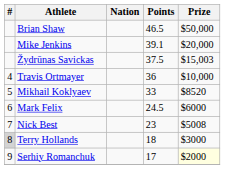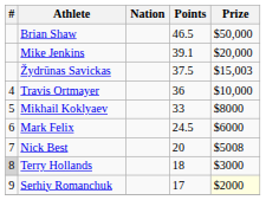 <table class="wikitable" style="display: inline-table;width: 55%;">
 <tr>
 <th scope="col">#</th>
 <th scope="col">Athlete</th>
 <th scope="col">Nation</th>
 <th scope="col">Points</th>
 <th scope="col">Prize</th>
 </tr>
 <tr>
 <td align="center"></td>
 <td><a href='#'>Brian Shaw</a></td>
 <td></td>
 <td>46.5</td>
 <td>$50,000</td>
 </tr>
 <tr>
 <td align="center"></td>
 <td><a href='#'>Mike Jenkins</a></td>
 <td></td>
 <td>39.1</td>
 <td>$20,000</td>
 </tr>
 <tr>
 <td align="center"></td>
 <td><a href='#'>Žydrūnas Savickas</a></td>
 <td></td>
 <td>37.5</td>
 <td>$15,003</td>
 </tr>
 <tr>
 <td align="center">4</td>
 <td><a href='#'>Travis Ortmayer</a></td>
 <td></td>
 <td>36</td>
 <td>$10,000</td>
 </tr>
 <tr>
 <td align="center">5</td>
 <td><a href='#'>Mikhail Koklyaev</a></td>
 <td></td>
 <td>33</td>
-<td>$8520</td>
+<td>$8000</td>
 </tr>
 <tr>
 <td align="center">6</td>
 <td><a href='#'>Mark Felix</a></td>
 <td></td>
 <td>24.5</td>
 <td>$6000</td>
 </tr>
 <tr>
 <td align="center">7</td>
 <td><a href='#'>Nick Best</a></td>
 <td></td>
-<td>23</td>
+<td>20</td>
 <td>$5008</td>
 </tr>
 <tr>
 <td align="center" style="background: lightgrey;">8</td>
 <td><a href='#'>Terry Hollands</a></td>
 <td></td>
 <td>18</td>
 <td>$3000</td>
 </tr>
 <tr>
 <td align="center">9</td>
 <td><a href='#'>Serhiy Romanchuk</a></td>
 <td></td>
 <td>17</td>
 <td style="background: lightyellow;">$2000</td>
 </tr>
 <tr>
 </tr>
 </table>
